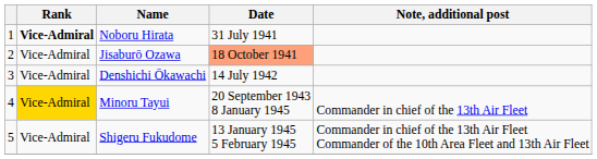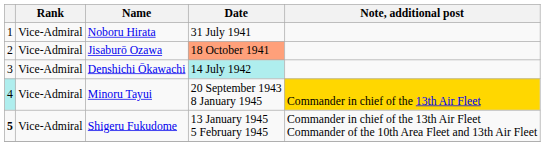 <table class=wikitable>
 <tr>
 <th></th>
 <th>Rank</th>
 <th>Name</th>
 <th>Date</th>
 <th>Note, additional post</th>
 </tr>
 <tr>
 <td>1</td>
-<td><strong>Vice-Admiral</strong></td>
+<td>Vice-Admiral</td>
 <td><a href='#'>Noboru Hirata</a></td>
 <td>31 July 1941</td>
 <td></td>
 </tr>
 <tr>
 <td>2</td>
 <td>Vice-Admiral</td>
 <td><a href='#'>Jisaburō Ozawa</a></td>
 <td style="background: lightsalmon;">18 October 1941</td>
 <td></td>
 </tr>
 <tr>
 <td>3</td>
 <td>Vice-Admiral</td>
 <td><a href='#'>Denshichi Ōkawachi</a></td>
-<td>14 July 1942</td>
+<td style="background: paleturquoise;">14 July 1942</td>
 <td></td>
 </tr>
 <tr>
-<td>4</td>
-<td style="background: gold;">Vice-Admiral</td>
+<td style="background: paleturquoise;">4</td>
+<td>Vice-Admiral</td>
 <td><a href='#'>Minoru Tayui</a></td>
 <td>20 September 1943<br>8 January 1945</td>
-<td><br>Commander in chief of the <a href='#'>13th Air Fleet</a></td>
+<td style="background: gold;"><br>Commander in chief of the <a href='#'>13th Air Fleet</a></td>
 </tr>
 <tr>
-<td>5</td>
+<td><strong>5</strong></td>
 <td>Vice-Admiral</td>
 <td><a href='#'>Shigeru Fukudome</a></td>
 <td>13 January 1945<br>5 February 1945</td>
 <td>Commander in chief of the 13th Air Fleet<br>Commander of the 10th Area Fleet and 13th Air Fleet</td>
 </tr>
 <tr>
 </tr>
 </table>
